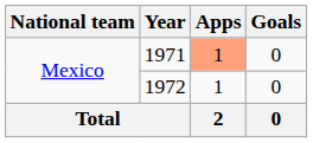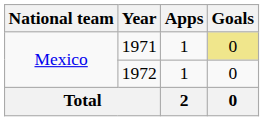 <table class="wikitable" style="text-align:center">
 <tr>
 <th>National team</th>
 <th>Year</th>
 <th>Apps</th>
 <th>Goals</th>
 </tr>
 <tr>
 <td rowspan="2"><a href='#'>Mexico</a></td>
 <td>1971</td>
-<td style="background: lightsalmon;">1</td>
-<td>0</td>
+<td>1</td>
+<td style="background: khaki;">0</td>
 </tr>
 <tr>
 <td>1972</td>
 <td>1</td>
 <td>0</td>
 </tr>
 <tr>
 <th colspan=2>Total</th>
 <th>2</th>
 <th>0</th>
 </tr>
 </table>
